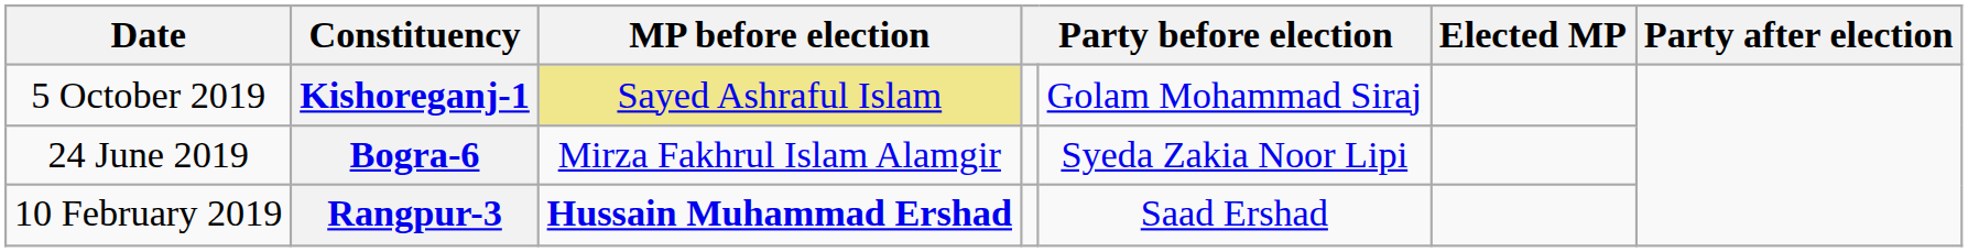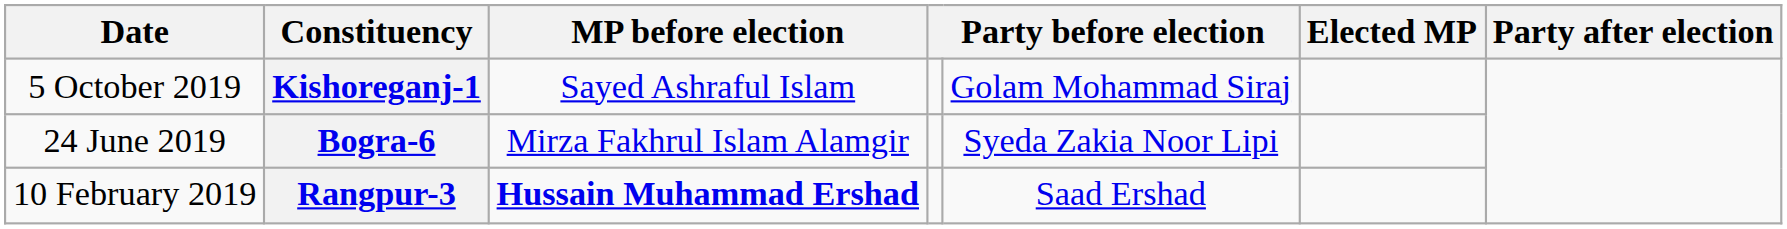 <table class="wikitable sortable" style="text-align:center;">
 <tr>
 <th>Date</th>
 <th>Constituency</th>
 <th>MP before election</th>
 <th colspan="2">Party before election</th>
 <th>Elected MP</th>
 <th colspan="2">Party after election</th>
 </tr>
 <tr>
 <td>5 October 2019</td>
 <th><a href='#'>Kishoreganj-1</a></th>
-<td style="background: khaki;"><a href='#'>Sayed Ashraful Islam</a></td>
+<td><a href='#'>Sayed Ashraful Islam</a></td>
 <td></td>
 <td><a href='#'>Golam Mohammad Siraj</a></td>
 <td></td>
 </tr>
 <tr>
 <td>24 June 2019</td>
 <th><a href='#'>Bogra-6</a></th>
 <td><a href='#'>Mirza Fakhrul Islam Alamgir</a></td>
 <td></td>
 <td><a href='#'>Syeda Zakia Noor Lipi</a></td>
 <td></td>
 </tr>
 <tr>
 <td>10 February 2019</td>
 <th><a href='#'>Rangpur-3</a></th>
 <td><strong><a href='#'>Hussain Muhammad Ershad</a></strong></td>
 <td></td>
 <td><a href='#'>Saad Ershad</a></td>
 <td></td>
 </tr>
 </table>
